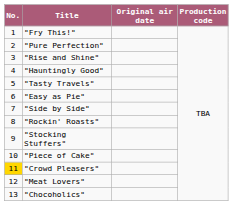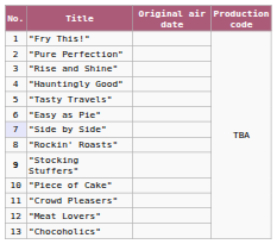 <table class="wikitable plainrowheaders" style="width:60%;">
 <tr>
 <th style="background-color: #ab5b78; color: #FFFFFF;" width=5%>No.</th>
 <th style="background-color: #ab5b78; color: #FFFFFF;" width=40%>Title</th>
 <th style="background-color: #ab5b78; color: #FFFFFF;">Original air date</th>
 <th style="background-color: #ab5b78; color: #FFFFFF;">Production<br>code</th>
 </tr>
 <tr>
 <td align=center>1</td>
 <td>"Fry This!"</td>
 <td align=center></td>
 <td align=center rowspan=13>TBA</td>
 </tr>
 <tr>
 <td align=center>2</td>
 <td>"Pure Perfection"</td>
 <td align=center></td>
 </tr>
 <tr>
 <td align=center>3</td>
 <td>"Rise and Shine"</td>
 <td align=center></td>
 </tr>
 <tr>
 <td align=center>4</td>
 <td>"Hauntingly Good"</td>
 <td align=center></td>
 </tr>
 <tr>
 <td align=center>5</td>
 <td>"Tasty Travels"</td>
 <td align=center></td>
 </tr>
 <tr>
 <td align=center>6</td>
 <td>"Easy as Pie"</td>
 <td align=center></td>
 </tr>
 <tr>
-<td align=center>7</td>
+<td align=center style="background: lavender;">7</td>
 <td>"Side by Side"</td>
 <td align=center></td>
 </tr>
 <tr>
 <td align=center>8</td>
 <td>"Rockin' Roasts"</td>
 <td align=center></td>
 </tr>
 <tr>
-<td align=center>9</td>
+<td align=center><strong>9</strong></td>
 <td>"Stocking Stuffers"</td>
 <td align=center></td>
 </tr>
 <tr>
 <td align=center>10</td>
 <td>"Piece of Cake"</td>
 <td align=center></td>
 </tr>
 <tr>
-<td align=center style="background: gold;">11</td>
+<td align=center>11</td>
 <td>"Crowd Pleasers"</td>
 <td align=center></td>
 </tr>
 <tr>
 <td align=center>12</td>
 <td>"Meat Lovers"</td>
 <td align=center></td>
 </tr>
 <tr>
 <td align=center>13</td>
 <td>"Chocoholics"</td>
 <td align=center></td>
 </tr>
 </table>
